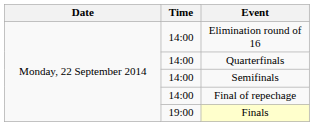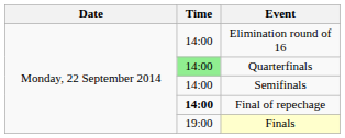 <table class = "wikitable" style="text-align:center;">
 <tr>
 <th width=220>Date</th>
 <th width=50>Time</th>
 <th width=150>Event</th>
 </tr>
 <tr>
 <td rowspan=5>Monday, 22 September 2014</td>
 <td>14:00</td>
 <td>Elimination round of 16</td>
 </tr>
 <tr>
-<td>14:00</td>
+<td style="background: lightgreen;">14:00</td>
 <td>Quarterfinals</td>
 </tr>
 <tr>
 <td>14:00</td>
 <td>Semifinals</td>
 </tr>
 <tr>
-<td>14:00</td>
+<td><strong>14:00</strong></td>
 <td>Final of repechage</td>
 </tr>
 <tr>
 <td>19:00</td>
 <td bgcolor=ffffcc>Finals</td>
 </tr>
 </table>
